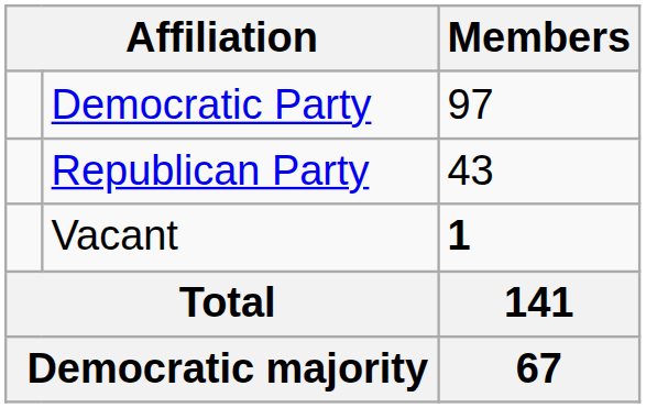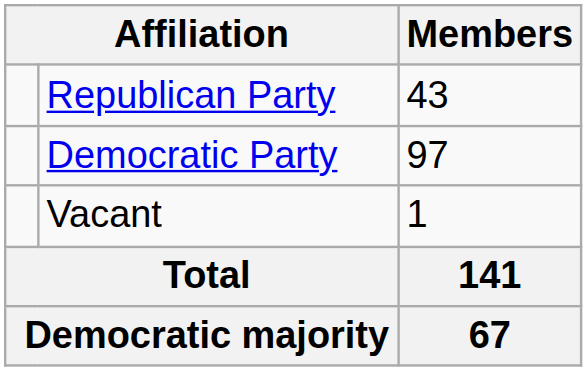 <table class="wikitable">
 <tr>
 <th colspan=2 align="center" valign="top">Affiliation</th>
 <th style="vertical-align:top;">Members</th>
 </tr>
 <tr>
 <td style="background-color:"> </td>
+<td><a href='#'>Republican Party</a></td>
+<td>43</td>
+</tr>
+<tr>
+<td style="background-color:"> </td>
 <td><a href='#'>Democratic Party</a></td>
 <td>97</td>
 </tr>
 <tr>
-<td style="background-color:"> </td>
-<td><a href='#'>Republican Party</a></td>
-<td>43</td>
-</tr>
-<tr>
 <td></td>
 <td>Vacant</td>
-<td><strong>1</strong></td>
+<td>1</td>
 </tr>
 <tr>
 <th colspan=2> Total</th>
 <th>141</th>
 </tr>
 <tr>
 <th colspan=2> Democratic majority</th>
 <th>67</th>
 </tr>
 </table>
